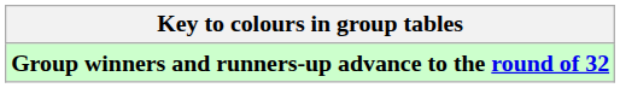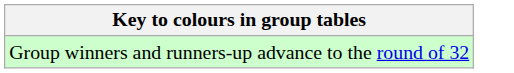 <table class="wikitable">
 <tr>
 <th>Key to colours in group tables</th>
 </tr>
 <tr bgcolor="#ccffcc">
-<td><strong>Group winners and runners-up advance to the <a href='#'>round of 32</a></strong></td>
+<td>Group winners and runners-up advance to the <a href='#'>round of 32</a></td>
 </tr>
 </table>
